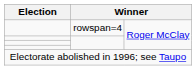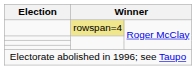 <table class=wikitable>
 <tr>
 <th width=100>Election</th>
 <th width=175 colspan=2>Winner</th>
 </tr>
 <tr>
 <td></td>
-<td>rowspan=4 </td>
+<td style="background: khaki;">rowspan=4 </td>
 <td rowspan=4><a href='#'>Roger McClay</a></td>
 </tr>
 <tr>
 <td></td>
 </tr>
 <tr>
 <td></td>
 </tr>
 <tr>
 <td></td>
 </tr>
 <tr>
 <td colspan=3 align=center><span>Electorate abolished in 1996; see <a href='#'>Taupo</a></span></td>
 </tr>
 </table>
